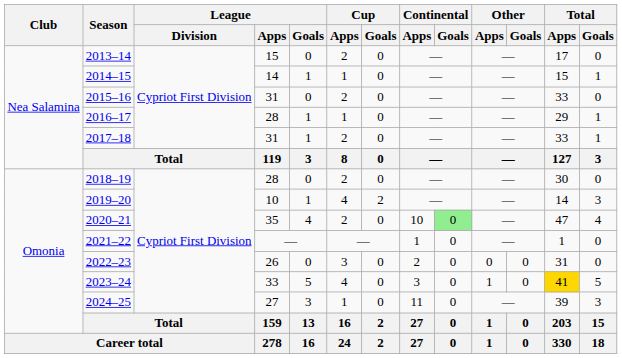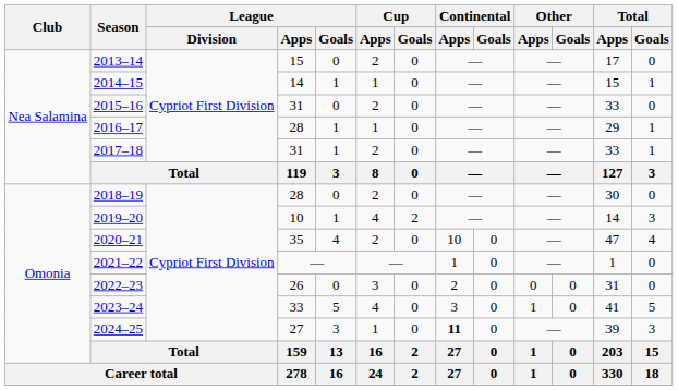 <table class="wikitable" style="text-align:center">
 <tr>
 <th rowspan="2">Club</th>
 <th rowspan="2">Season</th>
 <th colspan="3">League</th>
 <th colspan="2">Cup</th>
 <th colspan="2">Continental</th>
 <th colspan="2">Other</th>
 <th colspan="2">Total</th>
 </tr>
 <tr>
 <th>Division</th>
 <th>Apps</th>
 <th>Goals</th>
 <th>Apps</th>
 <th>Goals</th>
 <th>Apps</th>
 <th>Goals</th>
 <th>Apps</th>
 <th>Goals</th>
 <th>Apps</th>
 <th>Goals</th>
 </tr>
 <tr>
 <td rowspan=6><a href='#'>Nea Salamina</a></td>
 <td><a href='#'>2013–14</a></td>
 <td rowspan=5><a href='#'>Cypriot First Division</a></td>
 <td>15</td>
 <td>0</td>
 <td>2</td>
 <td>0</td>
 <td colspan=2>—</td>
 <td colspan=2>—</td>
 <td>17</td>
 <td>0</td>
 </tr>
 <tr>
 <td><a href='#'>2014–15</a></td>
 <td>14</td>
 <td>1</td>
 <td>1</td>
 <td>0</td>
 <td colspan=2>—</td>
 <td colspan=2>—</td>
 <td>15</td>
 <td>1</td>
 </tr>
 <tr>
 <td><a href='#'>2015–16</a></td>
 <td>31</td>
 <td>0</td>
 <td>2</td>
 <td>0</td>
 <td colspan=2>—</td>
 <td colspan=2>—</td>
 <td>33</td>
 <td>0</td>
 </tr>
 <tr>
 <td><a href='#'>2016–17</a></td>
 <td>28</td>
 <td>1</td>
 <td>1</td>
 <td>0</td>
 <td colspan=2>—</td>
 <td colspan=2>—</td>
 <td>29</td>
 <td>1</td>
 </tr>
 <tr>
 <td><a href='#'>2017–18</a></td>
 <td>31</td>
 <td>1</td>
 <td>2</td>
 <td>0</td>
 <td colspan=2>—</td>
 <td colspan=2>—</td>
 <td>33</td>
 <td>1</td>
 </tr>
 <tr>
 <th colspan="2">Total</th>
 <th>119</th>
 <th>3</th>
 <th>8</th>
 <th>0</th>
 <th colspan=2>—</th>
 <th colspan=2>—</th>
 <th>127</th>
 <th>3</th>
 </tr>
 <tr>
 <td rowspan="8"><a href='#'>Omonia</a></td>
 <td><a href='#'>2018–19</a></td>
 <td rowspan="7"><a href='#'>Cypriot First Division</a></td>
 <td>28</td>
 <td>0</td>
 <td>2</td>
 <td>0</td>
 <td colspan=2>—</td>
 <td colspan=2>—</td>
 <td>30</td>
 <td>0</td>
 </tr>
 <tr>
 <td><a href='#'>2019–20</a></td>
 <td>10</td>
 <td>1</td>
 <td>4</td>
 <td>2</td>
 <td colspan=2>—</td>
 <td colspan=2>—</td>
 <td>14</td>
 <td>3</td>
 </tr>
 <tr>
 <td><a href='#'>2020–21</a></td>
 <td>35</td>
 <td>4</td>
 <td>2</td>
 <td>0</td>
 <td>10</td>
-<td style="background: lightgreen;">0</td>
+<td>0</td>
 <td colspan=2>—</td>
 <td>47</td>
 <td>4</td>
 </tr>
 <tr>
 <td><a href='#'>2021–22</a></td>
 <td colspan=2>—</td>
 <td colspan=2>—</td>
 <td>1</td>
 <td>0</td>
 <td colspan=2>—</td>
 <td>1</td>
 <td>0</td>
 </tr>
 <tr>
 <td><a href='#'>2022–23</a></td>
 <td>26</td>
 <td>0</td>
 <td>3</td>
 <td>0</td>
 <td>2</td>
 <td>0</td>
 <td>0</td>
 <td>0</td>
 <td>31</td>
 <td>0</td>
 </tr>
 <tr>
 <td><a href='#'>2023–24</a></td>
 <td>33</td>
 <td>5</td>
 <td>4</td>
 <td>0</td>
 <td>3</td>
 <td>0</td>
 <td>1</td>
 <td>0</td>
-<td style="background: gold;">41</td>
+<td>41</td>
 <td>5</td>
 </tr>
 <tr>
 <td><a href='#'>2024–25</a></td>
 <td>27</td>
 <td>3</td>
 <td>1</td>
 <td>0</td>
-<td>11</td>
+<td><strong>11</strong></td>
 <td>0</td>
 <td colspan=2>—</td>
 <td>39</td>
 <td>3</td>
 </tr>
 <tr>
 <th colspan="2">Total</th>
 <th>159</th>
 <th>13</th>
 <th>16</th>
 <th>2</th>
 <th>27</th>
 <th>0</th>
 <th>1</th>
 <th>0</th>
 <th>203</th>
 <th>15</th>
 </tr>
 <tr>
 <th colspan="3">Career total</th>
 <th>278</th>
 <th>16</th>
 <th>24</th>
 <th>2</th>
 <th>27</th>
 <th>0</th>
 <th>1</th>
 <th>0</th>
 <th>330</th>
 <th>18</th>
 </tr>
 </table>
